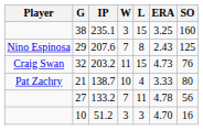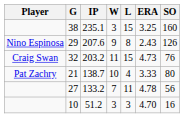 <table class="wikitable sortable">
 <tr>
 <th>Player</th>
 <th>G</th>
 <th>IP</th>
 <th>W</th>
 <th>L</th>
 <th>ERA</th>
 <th>SO</th>
 </tr>
 <tr style="text-align:center;">
 <td></td>
 <td>38</td>
 <td>235.1</td>
 <td>3</td>
 <td>15</td>
 <td>3.25</td>
 <td>160</td>
 </tr>
 <tr style="text-align:center;">
 <td><a href='#'>Nino Espinosa</a></td>
 <td>29</td>
 <td>207.6</td>
-<td>7</td>
+<td>9</td>
 <td>8</td>
 <td>2.43</td>
-<td>125</td>
+<td>126</td>
 </tr>
 <tr align=center>
 <td><a href='#'>Craig Swan</a></td>
 <td>32</td>
 <td>203.2</td>
 <td>11</td>
 <td>15</td>
 <td>4.73</td>
 <td>76</td>
 </tr>
 <tr align=center>
 <td><a href='#'>Pat Zachry</a></td>
 <td>21</td>
 <td>138.7</td>
 <td>10</td>
 <td>4</td>
 <td>3.33</td>
 <td>80</td>
 </tr>
 <tr align=center>
 <td></td>
 <td>27</td>
 <td>133.2</td>
 <td>7</td>
 <td>11</td>
 <td>4.78</td>
 <td>56</td>
 </tr>
 <tr style="text-align:center;">
 <td></td>
 <td>10</td>
 <td>51.2</td>
 <td>3</td>
 <td>3</td>
 <td>4.70</td>
 <td>16</td>
 </tr>
 </table>
